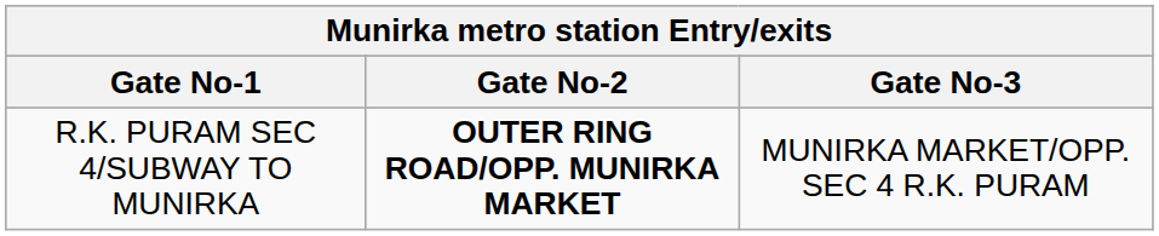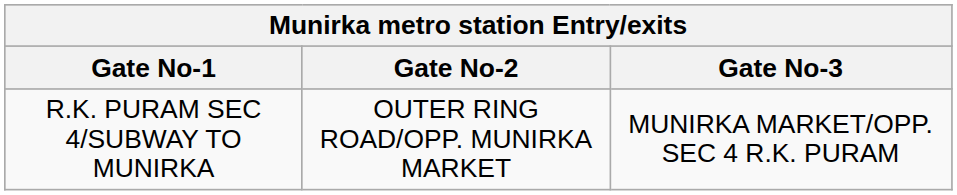 <table class="wikitable" style="text-align: center;" width="65%">
 <tr>
 <th align="center" colspan="5" style="background:#"><span>Munirka metro station Entry/exits</span></th>
 </tr>
 <tr>
 <th style="width:15%;">Gate No-1 </th>
 <th style="width:15%;">Gate No-2</th>
 <th style="width:15%;">Gate No-3 </th>
 </tr>
 <tr A>
 <td>R.K. PURAM SEC 4/SUBWAY TO MUNIRKA</td>
-<td><strong>OUTER RING ROAD/OPP. MUNIRKA MARKET</strong></td>
+<td>OUTER RING ROAD/OPP. MUNIRKA MARKET</td>
 <td>MUNIRKA MARKET/OPP. SEC 4 R.K. PURAM</td>
 </tr>
 </table>
